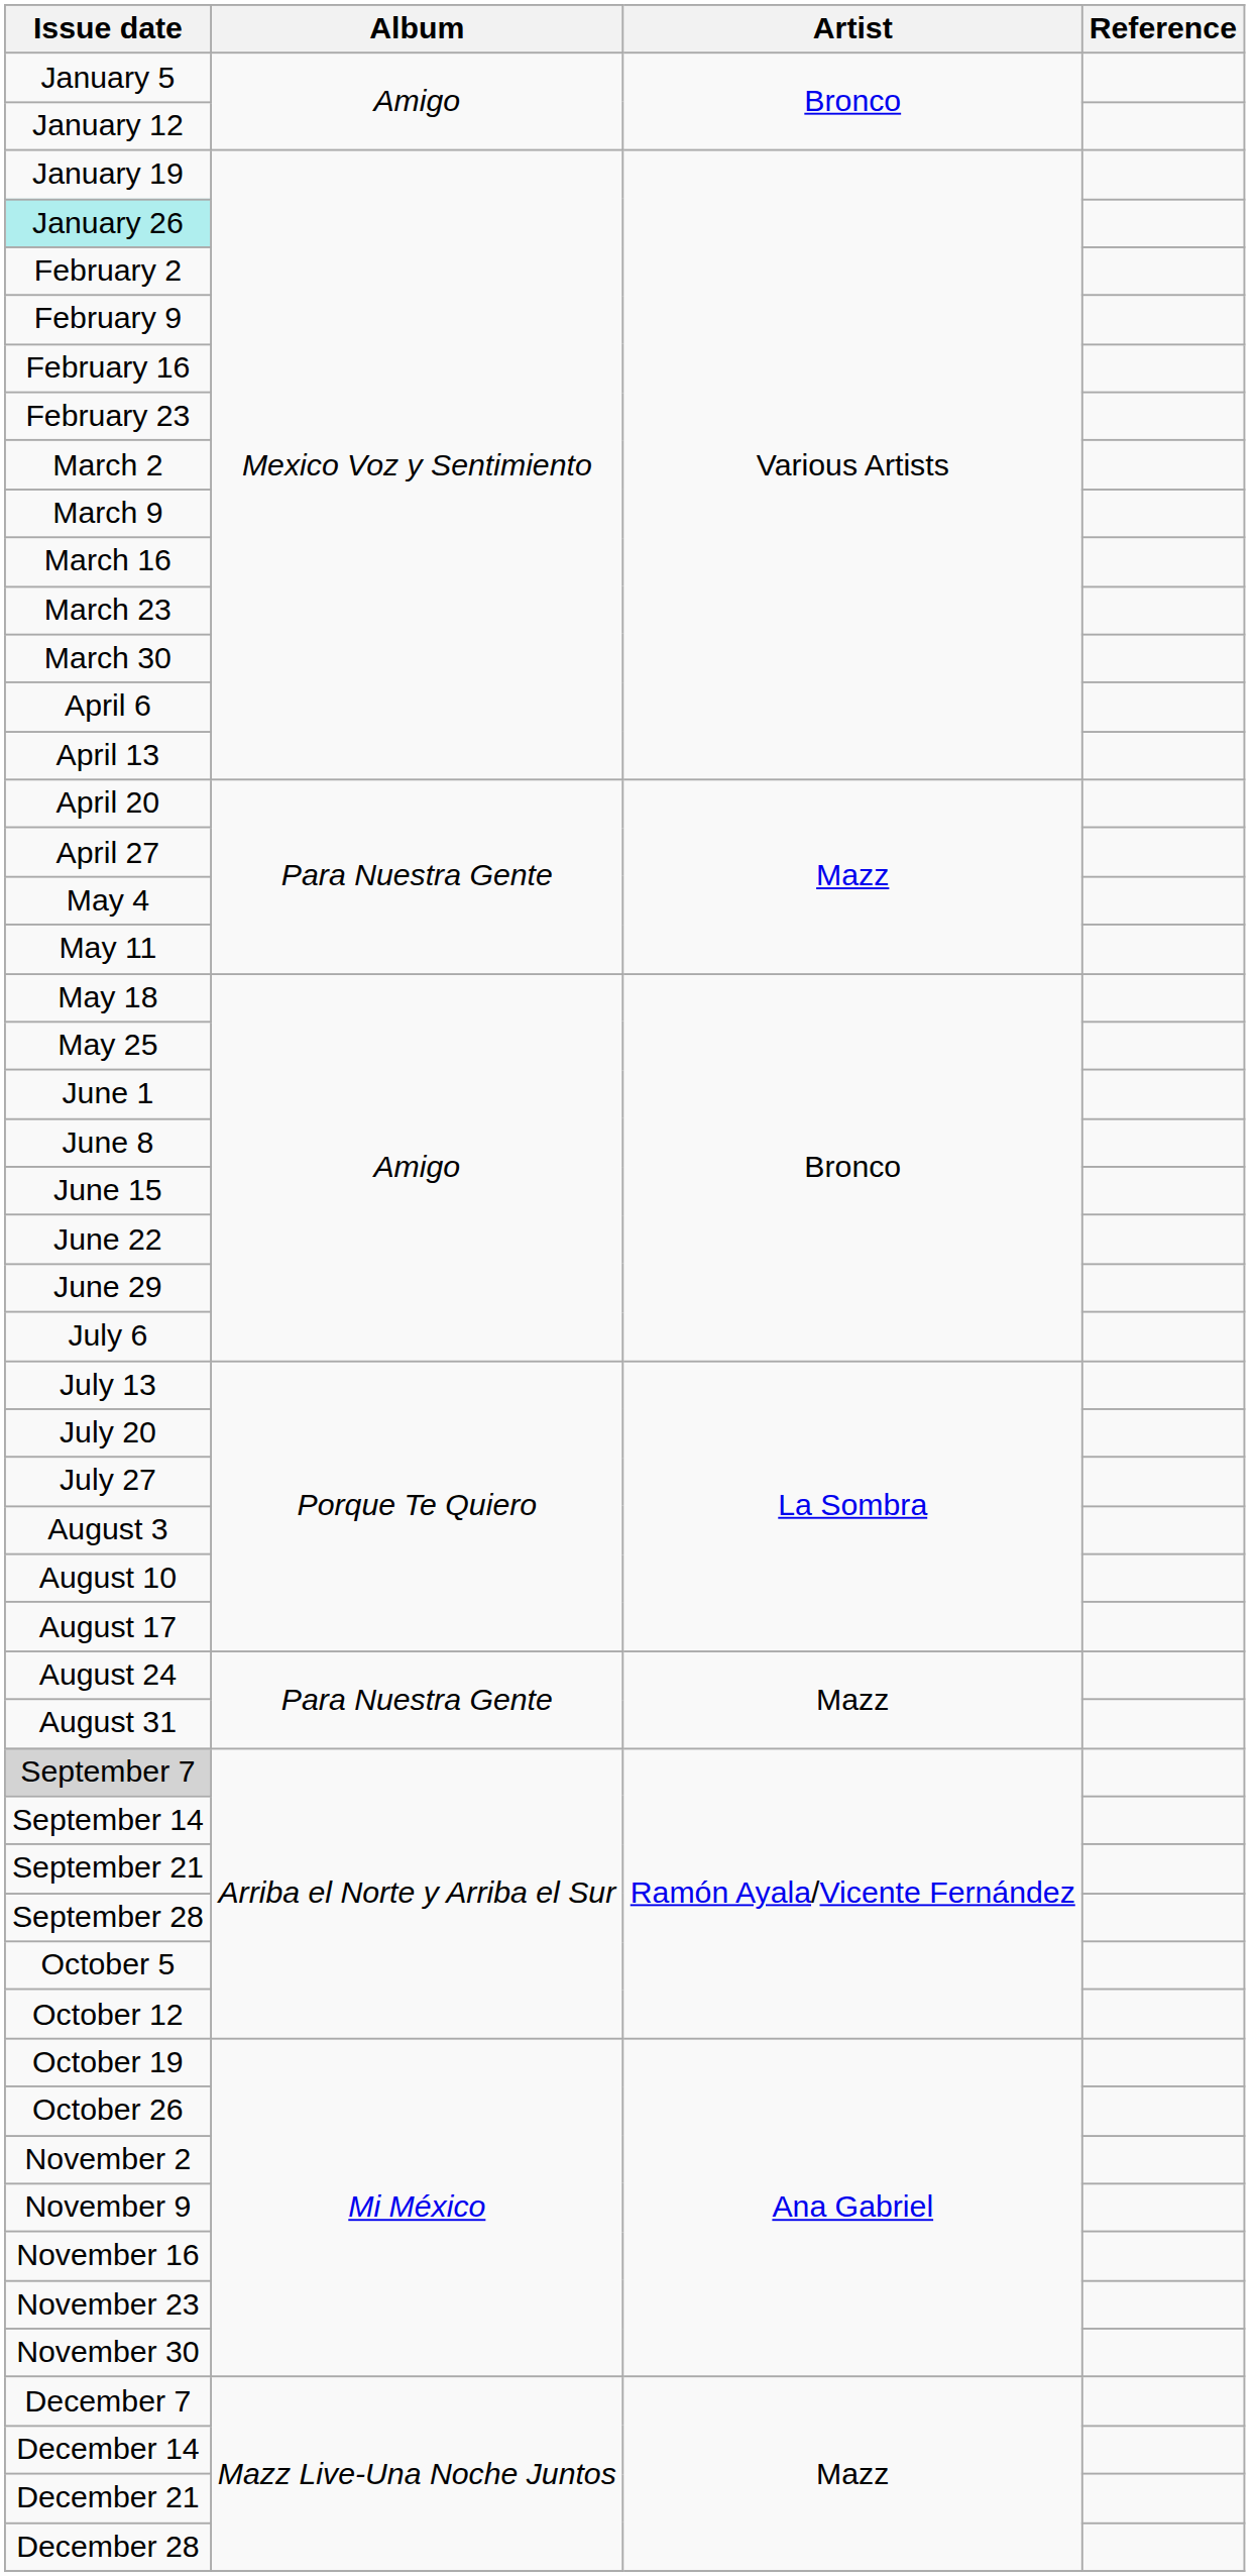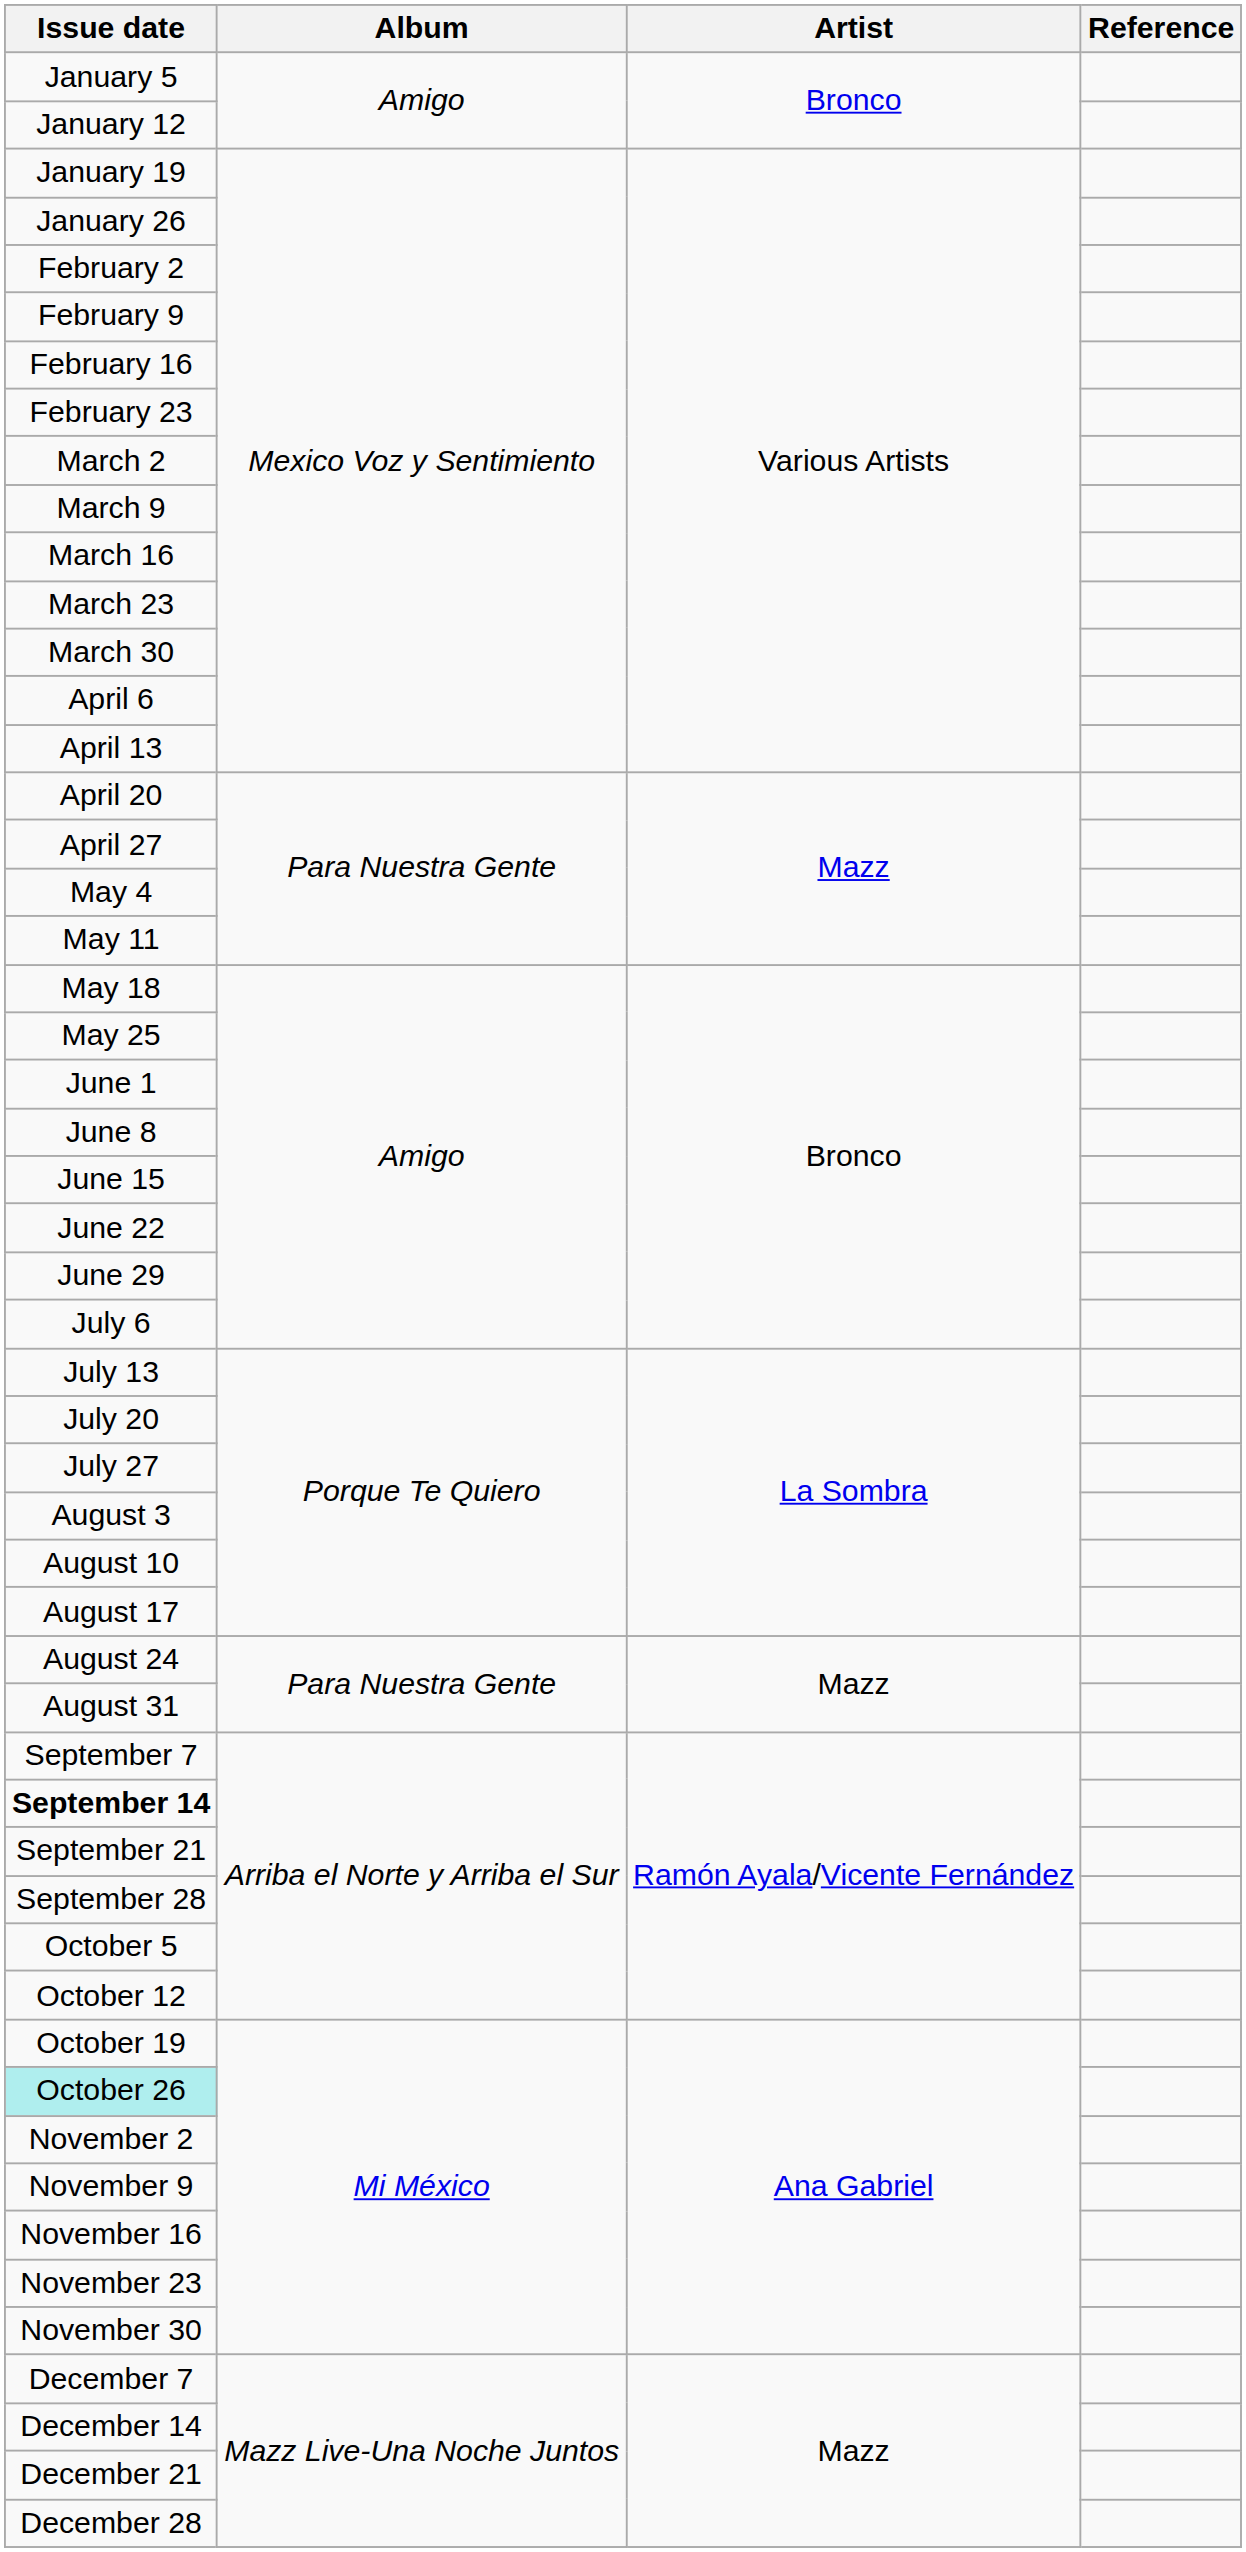 <table class="wikitable" style="text-align: center">
 <tr>
 <th>Issue date</th>
 <th>Album</th>
 <th>Artist</th>
 <th class="unsortable">Reference</th>
 </tr>
 <tr>
 <td>January 5</td>
 <td rowspan=2><em>Amigo</em></td>
 <td rowspan=2><a href='#'>Bronco</a></td>
 <td></td>
 </tr>
 <tr>
 <td>January 12</td>
 <td></td>
 </tr>
 <tr>
 <td>January 19</td>
 <td rowspan=13><em>Mexico Voz y Sentimiento</em></td>
 <td rowspan=13>Various Artists</td>
 <td></td>
 </tr>
 <tr>
-<td style="background: paleturquoise;">January 26</td>
+<td>January 26</td>
 <td></td>
 </tr>
 <tr>
 <td>February 2</td>
 <td></td>
 </tr>
 <tr>
 <td>February 9</td>
 <td></td>
 </tr>
 <tr>
 <td>February 16</td>
 <td></td>
 </tr>
 <tr>
 <td>February 23</td>
 <td></td>
 </tr>
 <tr>
 <td>March 2</td>
 <td></td>
 </tr>
 <tr>
 <td>March 9</td>
 <td></td>
 </tr>
 <tr>
 <td>March 16</td>
 <td></td>
 </tr>
 <tr>
 <td>March 23</td>
 <td></td>
 </tr>
 <tr>
 <td>March 30</td>
 <td></td>
 </tr>
 <tr>
 <td>April 6</td>
 <td></td>
 </tr>
 <tr>
 <td>April 13</td>
 <td></td>
 </tr>
 <tr>
 <td>April 20</td>
 <td rowspan=4><em>Para Nuestra Gente</em></td>
 <td rowspan=4><a href='#'>Mazz</a></td>
 <td></td>
 </tr>
 <tr>
 <td>April 27</td>
 <td></td>
 </tr>
 <tr>
 <td>May 4</td>
 <td></td>
 </tr>
 <tr>
 <td>May 11</td>
 <td></td>
 </tr>
 <tr>
 <td>May 18</td>
 <td rowspan=8><em>Amigo</em></td>
 <td rowspan=8>Bronco</td>
 <td></td>
 </tr>
 <tr>
 <td>May 25</td>
 <td></td>
 </tr>
 <tr>
 <td>June 1</td>
 <td></td>
 </tr>
 <tr>
 <td>June 8</td>
 <td></td>
 </tr>
 <tr>
 <td>June 15</td>
 <td></td>
 </tr>
 <tr>
 <td>June 22</td>
 <td></td>
 </tr>
 <tr>
 <td>June 29</td>
 <td></td>
 </tr>
 <tr>
 <td>July 6</td>
 <td></td>
 </tr>
 <tr>
 <td>July 13</td>
 <td rowspan=6><em>Porque Te Quiero</em></td>
 <td rowspan=6><a href='#'>La Sombra</a></td>
 <td></td>
 </tr>
 <tr>
 <td>July 20</td>
 <td></td>
 </tr>
 <tr>
 <td>July 27</td>
 <td></td>
 </tr>
 <tr>
 <td>August 3</td>
 <td></td>
 </tr>
 <tr>
 <td>August 10</td>
 <td></td>
 </tr>
 <tr>
 <td>August 17</td>
 <td></td>
 </tr>
 <tr>
 <td>August 24</td>
 <td rowspan=2><em>Para Nuestra Gente</em></td>
 <td rowspan=2>Mazz</td>
 <td></td>
 </tr>
 <tr>
 <td>August 31</td>
 <td></td>
 </tr>
 <tr>
-<td style="background: lightgrey;">September 7</td>
+<td>September 7</td>
 <td rowspan=6><em>Arriba el Norte y Arriba el Sur</em></td>
 <td rowspan=6><a href='#'>Ramón Ayala</a>/<a href='#'>Vicente Fernández</a></td>
 <td></td>
 </tr>
 <tr>
-<td>September 14</td>
+<td><strong>September 14</strong></td>
 <td></td>
 </tr>
 <tr>
 <td>September 21</td>
 <td></td>
 </tr>
 <tr>
 <td>September 28</td>
 <td></td>
 </tr>
 <tr>
 <td>October 5</td>
 <td></td>
 </tr>
 <tr>
 <td>October 12</td>
 <td></td>
 </tr>
 <tr>
 <td>October 19</td>
 <td rowspan=7><em><a href='#'>Mi México</a></em></td>
 <td rowspan=7><a href='#'>Ana Gabriel</a></td>
 <td></td>
 </tr>
 <tr>
-<td>October 26</td>
+<td style="background: paleturquoise;">October 26</td>
 <td></td>
 </tr>
 <tr>
 <td>November 2</td>
 <td></td>
 </tr>
 <tr>
 <td>November 9</td>
 <td></td>
 </tr>
 <tr>
 <td>November 16</td>
 <td></td>
 </tr>
 <tr>
 <td>November 23</td>
 <td></td>
 </tr>
 <tr>
 <td>November 30</td>
 <td></td>
 </tr>
 <tr>
 <td>December 7</td>
 <td rowspan=4><em>Mazz Live-Una Noche Juntos</em></td>
 <td rowspan=4>Mazz</td>
 <td></td>
 </tr>
 <tr>
 <td>December 14</td>
 <td></td>
 </tr>
 <tr>
 <td>December 21</td>
 <td></td>
 </tr>
 <tr>
 <td>December 28</td>
 <td></td>
 </tr>
 </table>
